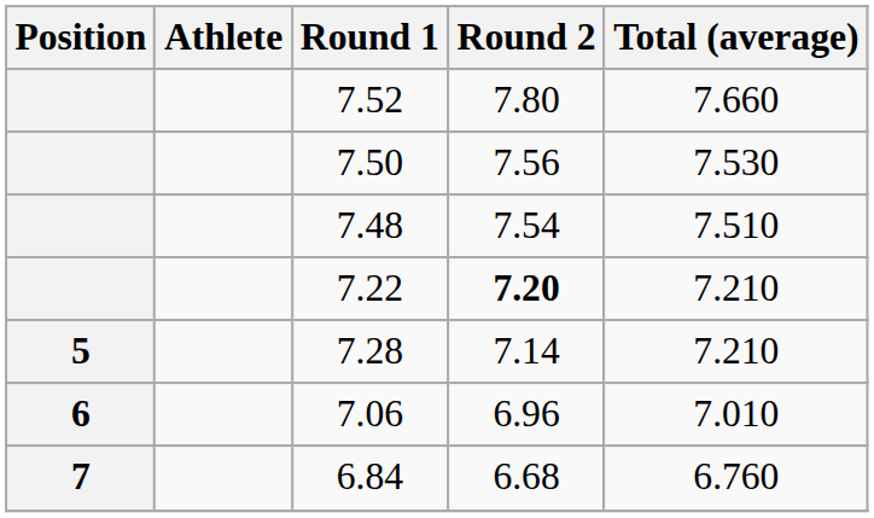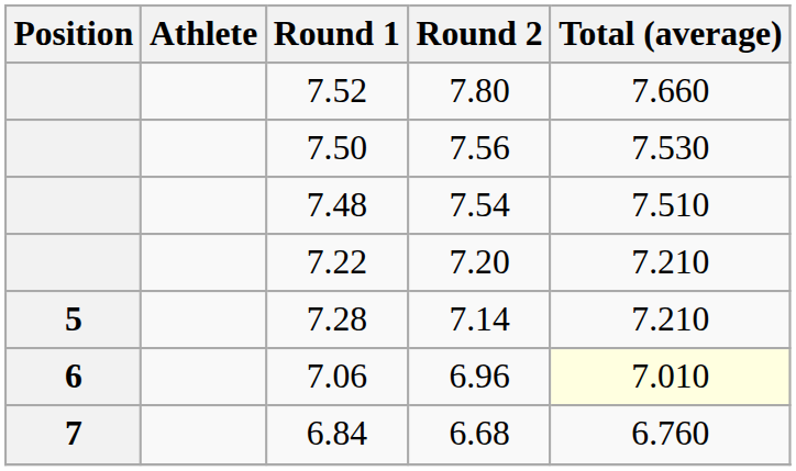 <table class="wikitable sortable" style="text-align:center; font-size:95%">
 <tr>
 <th scope=col>Position</th>
 <th scope=col>Athlete</th>
 <th scope=col>Round 1</th>
 <th scope=col>Round 2</th>
 <th>Total (average)</th>
 </tr>
 <tr>
 <th scope=row></th>
 <td align=left></td>
 <td>7.52</td>
 <td>7.80</td>
 <td>7.660</td>
 </tr>
 <tr>
 <th scope=row></th>
 <td align=left></td>
 <td>7.50</td>
 <td>7.56</td>
 <td>7.530</td>
 </tr>
 <tr>
 <th scope=row></th>
 <td align=left></td>
 <td>7.48</td>
 <td>7.54</td>
 <td>7.510</td>
 </tr>
 <tr>
 <th scope=row></th>
 <td align=left></td>
 <td>7.22</td>
-<td><strong>7.20</strong></td>
+<td>7.20</td>
 <td>7.210</td>
 </tr>
 <tr>
 <th scope=row>5</th>
 <td align=left></td>
 <td>7.28</td>
 <td>7.14</td>
 <td>7.210</td>
 </tr>
 <tr>
 <th scope=row>6</th>
 <td align=left></td>
 <td>7.06</td>
 <td>6.96</td>
-<td>7.010</td>
+<td style="background: lightyellow;">7.010</td>
 </tr>
 <tr>
 <th scope=row>7</th>
 <td align=left></td>
 <td>6.84</td>
 <td>6.68</td>
 <td>6.760</td>
 </tr>
 <tr>
 </tr>
 </table>
